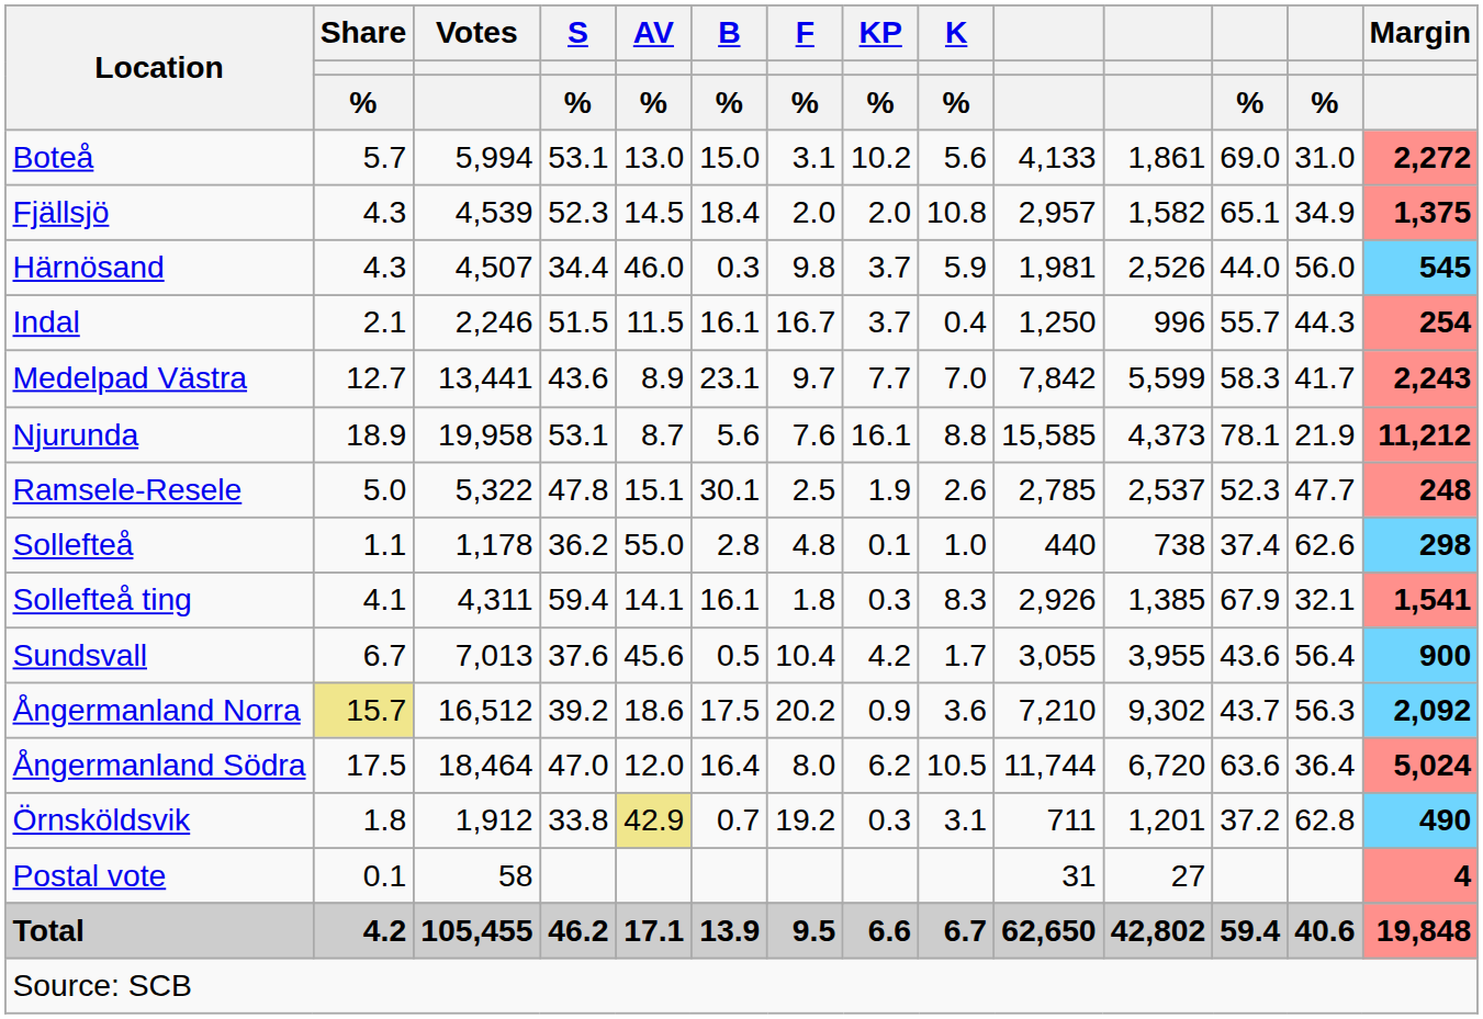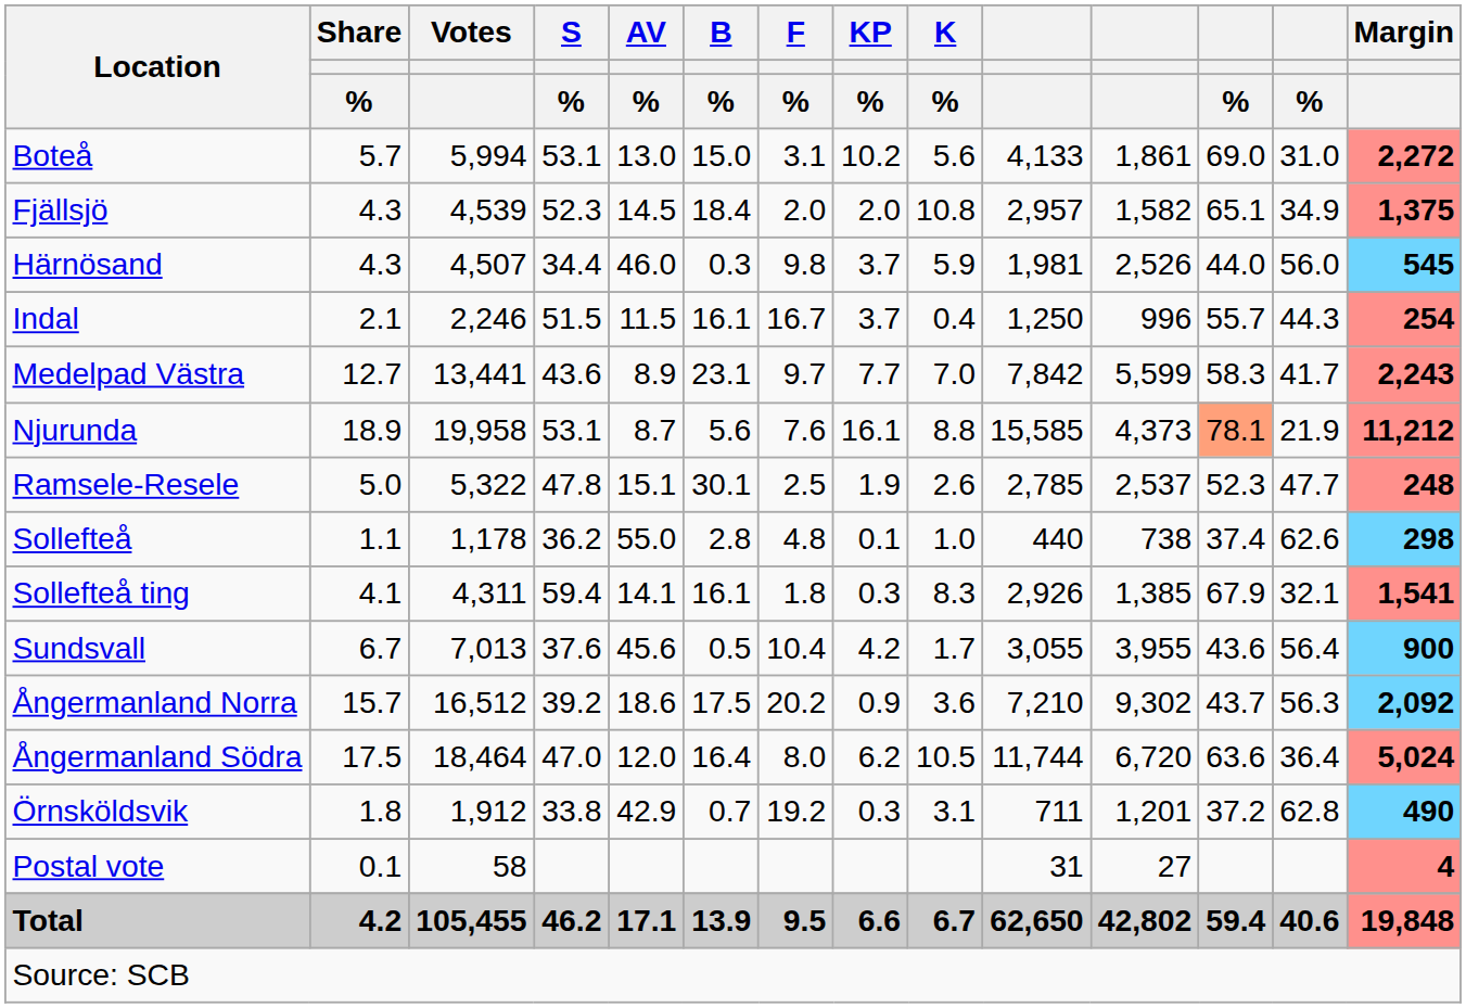 <table class="wikitable sortable" style="text-align:right; font-size:95%; line-height:20px;">
 <tr>
 <th rowspan="3">Location</th>
 <th>Share</th>
 <th>Votes</th>
 <th width="30px" class="unsortable"><a href='#'>S</a></th>
 <th width="30px" class="unsortable"><a href='#'>AV</a></th>
 <th width="30px" class="unsortable"><a href='#'>B</a></th>
 <th width="30px" class="unsortable"><a href='#'>F</a></th>
 <th width="30px" class="unsortable"><a href='#'>KP</a></th>
 <th width="30px" class="unsortable"><a href='#'>K</a></th>
 <th></th>
 <th></th>
 <th></th>
 <th></th>
 <th>Margin</th>
 </tr>
 <tr>
 <th></th>
 <th></th>
 <th style="background:"></th>
 <th style="background:"></th>
 <th style="background:"></th>
 <th style="background:"></th>
 <th style="background:"></th>
 <th style="background:"></th>
 <th style="background:"></th>
 <th style="background:"></th>
 <th style="background:"></th>
 <th style="background:"></th>
 <th></th>
 </tr>
 <tr>
 <th data-sort-type="number">%</th>
 <th></th>
 <th data-sort-type="number">%</th>
 <th data-sort-type="number">%</th>
 <th data-sort-type="number">%</th>
 <th data-sort-type="number">%</th>
 <th data-sort-type="number">%</th>
 <th data-sort-type="number">%</th>
 <th></th>
 <th></th>
 <th data-sort-type="number">%</th>
 <th data-sort-type="number">%</th>
 <th></th>
 </tr>
 <tr>
 <td align=left><a href='#'>Boteå</a></td>
 <td>5.7</td>
 <td>5,994</td>
 <td>53.1</td>
 <td>13.0</td>
 <td>15.0</td>
 <td>3.1</td>
 <td>10.2</td>
 <td>5.6</td>
 <td>4,133</td>
 <td>1,861</td>
 <td>69.0</td>
 <td>31.0</td>
 <td bgcolor=#ff908c><strong>2,272</strong></td>
 </tr>
 <tr>
 <td align=left><a href='#'>Fjällsjö</a></td>
 <td>4.3</td>
 <td>4,539</td>
 <td>52.3</td>
 <td>14.5</td>
 <td>18.4</td>
 <td>2.0</td>
 <td>2.0</td>
 <td>10.8</td>
 <td>2,957</td>
 <td>1,582</td>
 <td>65.1</td>
 <td>34.9</td>
 <td bgcolor=#ff908c><strong>1,375</strong></td>
 </tr>
 <tr>
 <td align=left><a href='#'>Härnösand</a></td>
 <td>4.3</td>
 <td>4,507</td>
 <td>34.4</td>
 <td>46.0</td>
 <td>0.3</td>
 <td>9.8</td>
 <td>3.7</td>
 <td>5.9</td>
 <td>1,981</td>
 <td>2,526</td>
 <td>44.0</td>
 <td>56.0</td>
 <td bgcolor=#6fd5fe><strong>545</strong></td>
 </tr>
 <tr>
 <td align=left><a href='#'>Indal</a></td>
 <td>2.1</td>
 <td>2,246</td>
 <td>51.5</td>
 <td>11.5</td>
 <td>16.1</td>
 <td>16.7</td>
 <td>3.7</td>
 <td>0.4</td>
 <td>1,250</td>
 <td>996</td>
 <td>55.7</td>
 <td>44.3</td>
 <td bgcolor=#ff908c><strong>254</strong></td>
 </tr>
 <tr>
 <td align=left><a href='#'>Medelpad Västra</a></td>
 <td>12.7</td>
 <td>13,441</td>
 <td>43.6</td>
 <td>8.9</td>
 <td>23.1</td>
 <td>9.7</td>
 <td>7.7</td>
 <td>7.0</td>
 <td>7,842</td>
 <td>5,599</td>
 <td>58.3</td>
 <td>41.7</td>
 <td bgcolor=#ff908c><strong>2,243</strong></td>
 </tr>
 <tr>
 <td align=left><a href='#'>Njurunda</a></td>
 <td>18.9</td>
 <td>19,958</td>
 <td>53.1</td>
 <td>8.7</td>
 <td>5.6</td>
 <td>7.6</td>
 <td>16.1</td>
 <td>8.8</td>
 <td>15,585</td>
 <td>4,373</td>
-<td>78.1</td>
+<td style="background: lightsalmon;">78.1</td>
 <td>21.9</td>
 <td bgcolor=#ff908c><strong>11,212</strong></td>
 </tr>
 <tr>
 <td align=left><a href='#'>Ramsele-Resele</a></td>
 <td>5.0</td>
 <td>5,322</td>
 <td>47.8</td>
 <td>15.1</td>
 <td>30.1</td>
 <td>2.5</td>
 <td>1.9</td>
 <td>2.6</td>
 <td>2,785</td>
 <td>2,537</td>
 <td>52.3</td>
 <td>47.7</td>
 <td bgcolor=#ff908c><strong>248</strong></td>
 </tr>
 <tr>
 <td align=left><a href='#'>Sollefteå</a></td>
 <td>1.1</td>
 <td>1,178</td>
 <td>36.2</td>
 <td>55.0</td>
 <td>2.8</td>
 <td>4.8</td>
 <td>0.1</td>
 <td>1.0</td>
 <td>440</td>
 <td>738</td>
 <td>37.4</td>
 <td>62.6</td>
 <td bgcolor=#6fd5fe><strong>298</strong></td>
 </tr>
 <tr>
 <td align=left><a href='#'>Sollefteå ting</a></td>
 <td>4.1</td>
 <td>4,311</td>
 <td>59.4</td>
 <td>14.1</td>
 <td>16.1</td>
 <td>1.8</td>
 <td>0.3</td>
 <td>8.3</td>
 <td>2,926</td>
 <td>1,385</td>
 <td>67.9</td>
 <td>32.1</td>
 <td bgcolor=#ff908c><strong>1,541</strong></td>
 </tr>
 <tr>
 <td align=left><a href='#'>Sundsvall</a></td>
 <td>6.7</td>
 <td>7,013</td>
 <td>37.6</td>
 <td>45.6</td>
 <td>0.5</td>
 <td>10.4</td>
 <td>4.2</td>
 <td>1.7</td>
 <td>3,055</td>
 <td>3,955</td>
 <td>43.6</td>
 <td>56.4</td>
 <td bgcolor=#6fd5fe><strong>900</strong></td>
 </tr>
 <tr>
 <td align=left><a href='#'>Ångermanland Norra</a></td>
-<td style="background: khaki;">15.7</td>
+<td>15.7</td>
 <td>16,512</td>
 <td>39.2</td>
 <td>18.6</td>
 <td>17.5</td>
 <td>20.2</td>
 <td>0.9</td>
 <td>3.6</td>
 <td>7,210</td>
 <td>9,302</td>
 <td>43.7</td>
 <td>56.3</td>
 <td bgcolor=#6fd5fe><strong>2,092</strong></td>
 </tr>
 <tr>
 <td align=left><a href='#'>Ångermanland Södra</a></td>
 <td>17.5</td>
 <td>18,464</td>
 <td>47.0</td>
 <td>12.0</td>
 <td>16.4</td>
 <td>8.0</td>
 <td>6.2</td>
 <td>10.5</td>
 <td>11,744</td>
 <td>6,720</td>
 <td>63.6</td>
 <td>36.4</td>
 <td bgcolor=#ff908c><strong>5,024</strong></td>
 </tr>
 <tr>
 <td align=left><a href='#'>Örnsköldsvik</a></td>
 <td>1.8</td>
 <td>1,912</td>
 <td>33.8</td>
-<td style="background: khaki;">42.9</td>
+<td>42.9</td>
 <td>0.7</td>
 <td>19.2</td>
 <td>0.3</td>
 <td>3.1</td>
 <td>711</td>
 <td>1,201</td>
 <td>37.2</td>
 <td>62.8</td>
 <td bgcolor=#6fd5fe><strong>490</strong></td>
 </tr>
 <tr>
 <td align=left><a href='#'>Postal vote</a></td>
 <td>0.1</td>
 <td>58</td>
 <td></td>
 <td></td>
 <td></td>
 <td></td>
 <td></td>
 <td></td>
 <td>31</td>
 <td>27</td>
 <td></td>
 <td></td>
 <td bgcolor=#ff908c><strong>4</strong></td>
 </tr>
 <tr>
 </tr>
 <tr style="background:#CDCDCD;">
 <td align=left><strong>Total</strong></td>
 <td><strong>4.2</strong></td>
 <td><strong>105,455</strong></td>
 <td><strong>46.2</strong></td>
 <td><strong>17.1</strong></td>
 <td><strong>13.9</strong></td>
 <td><strong>9.5</strong></td>
 <td><strong>6.6</strong></td>
 <td><strong>6.7</strong></td>
 <td><strong>62,650</strong></td>
 <td><strong>42,802</strong></td>
 <td><strong>59.4</strong></td>
 <td><strong>40.6</strong></td>
 <td bgcolor=#ff908c><strong>19,848</strong></td>
 </tr>
 <tr>
 <td align=left colspan=14>Source: SCB </td>
 </tr>
 </table>
